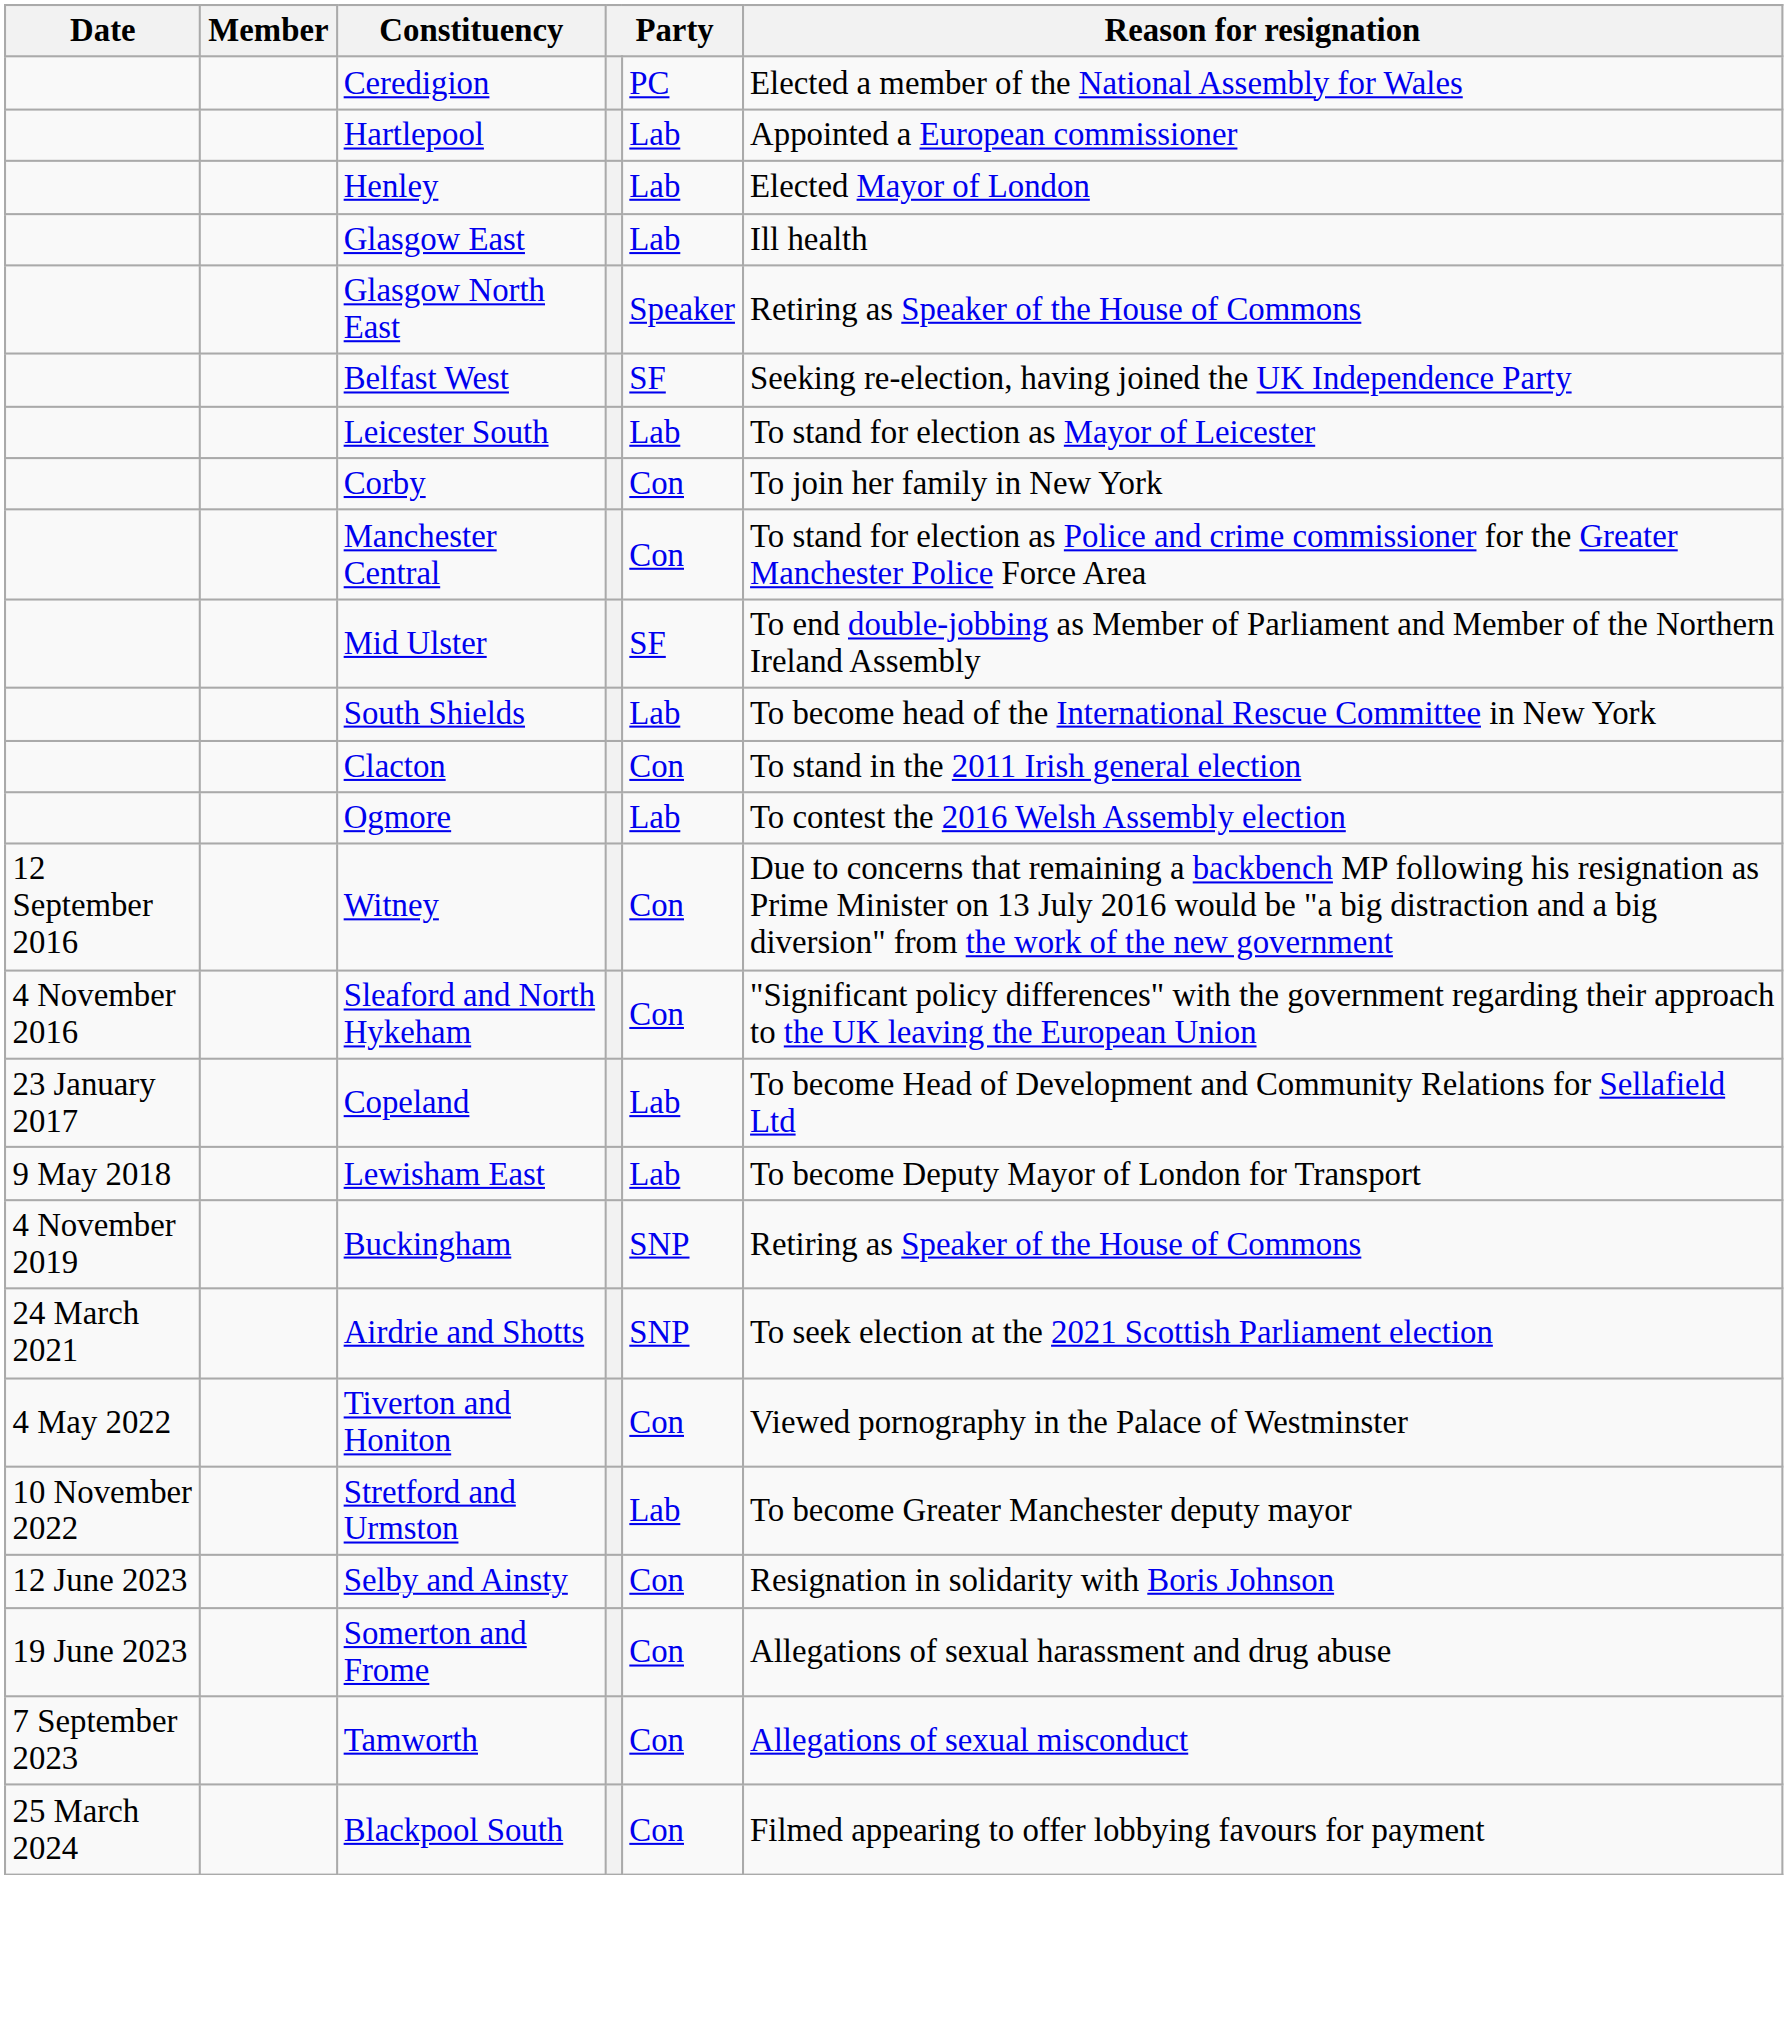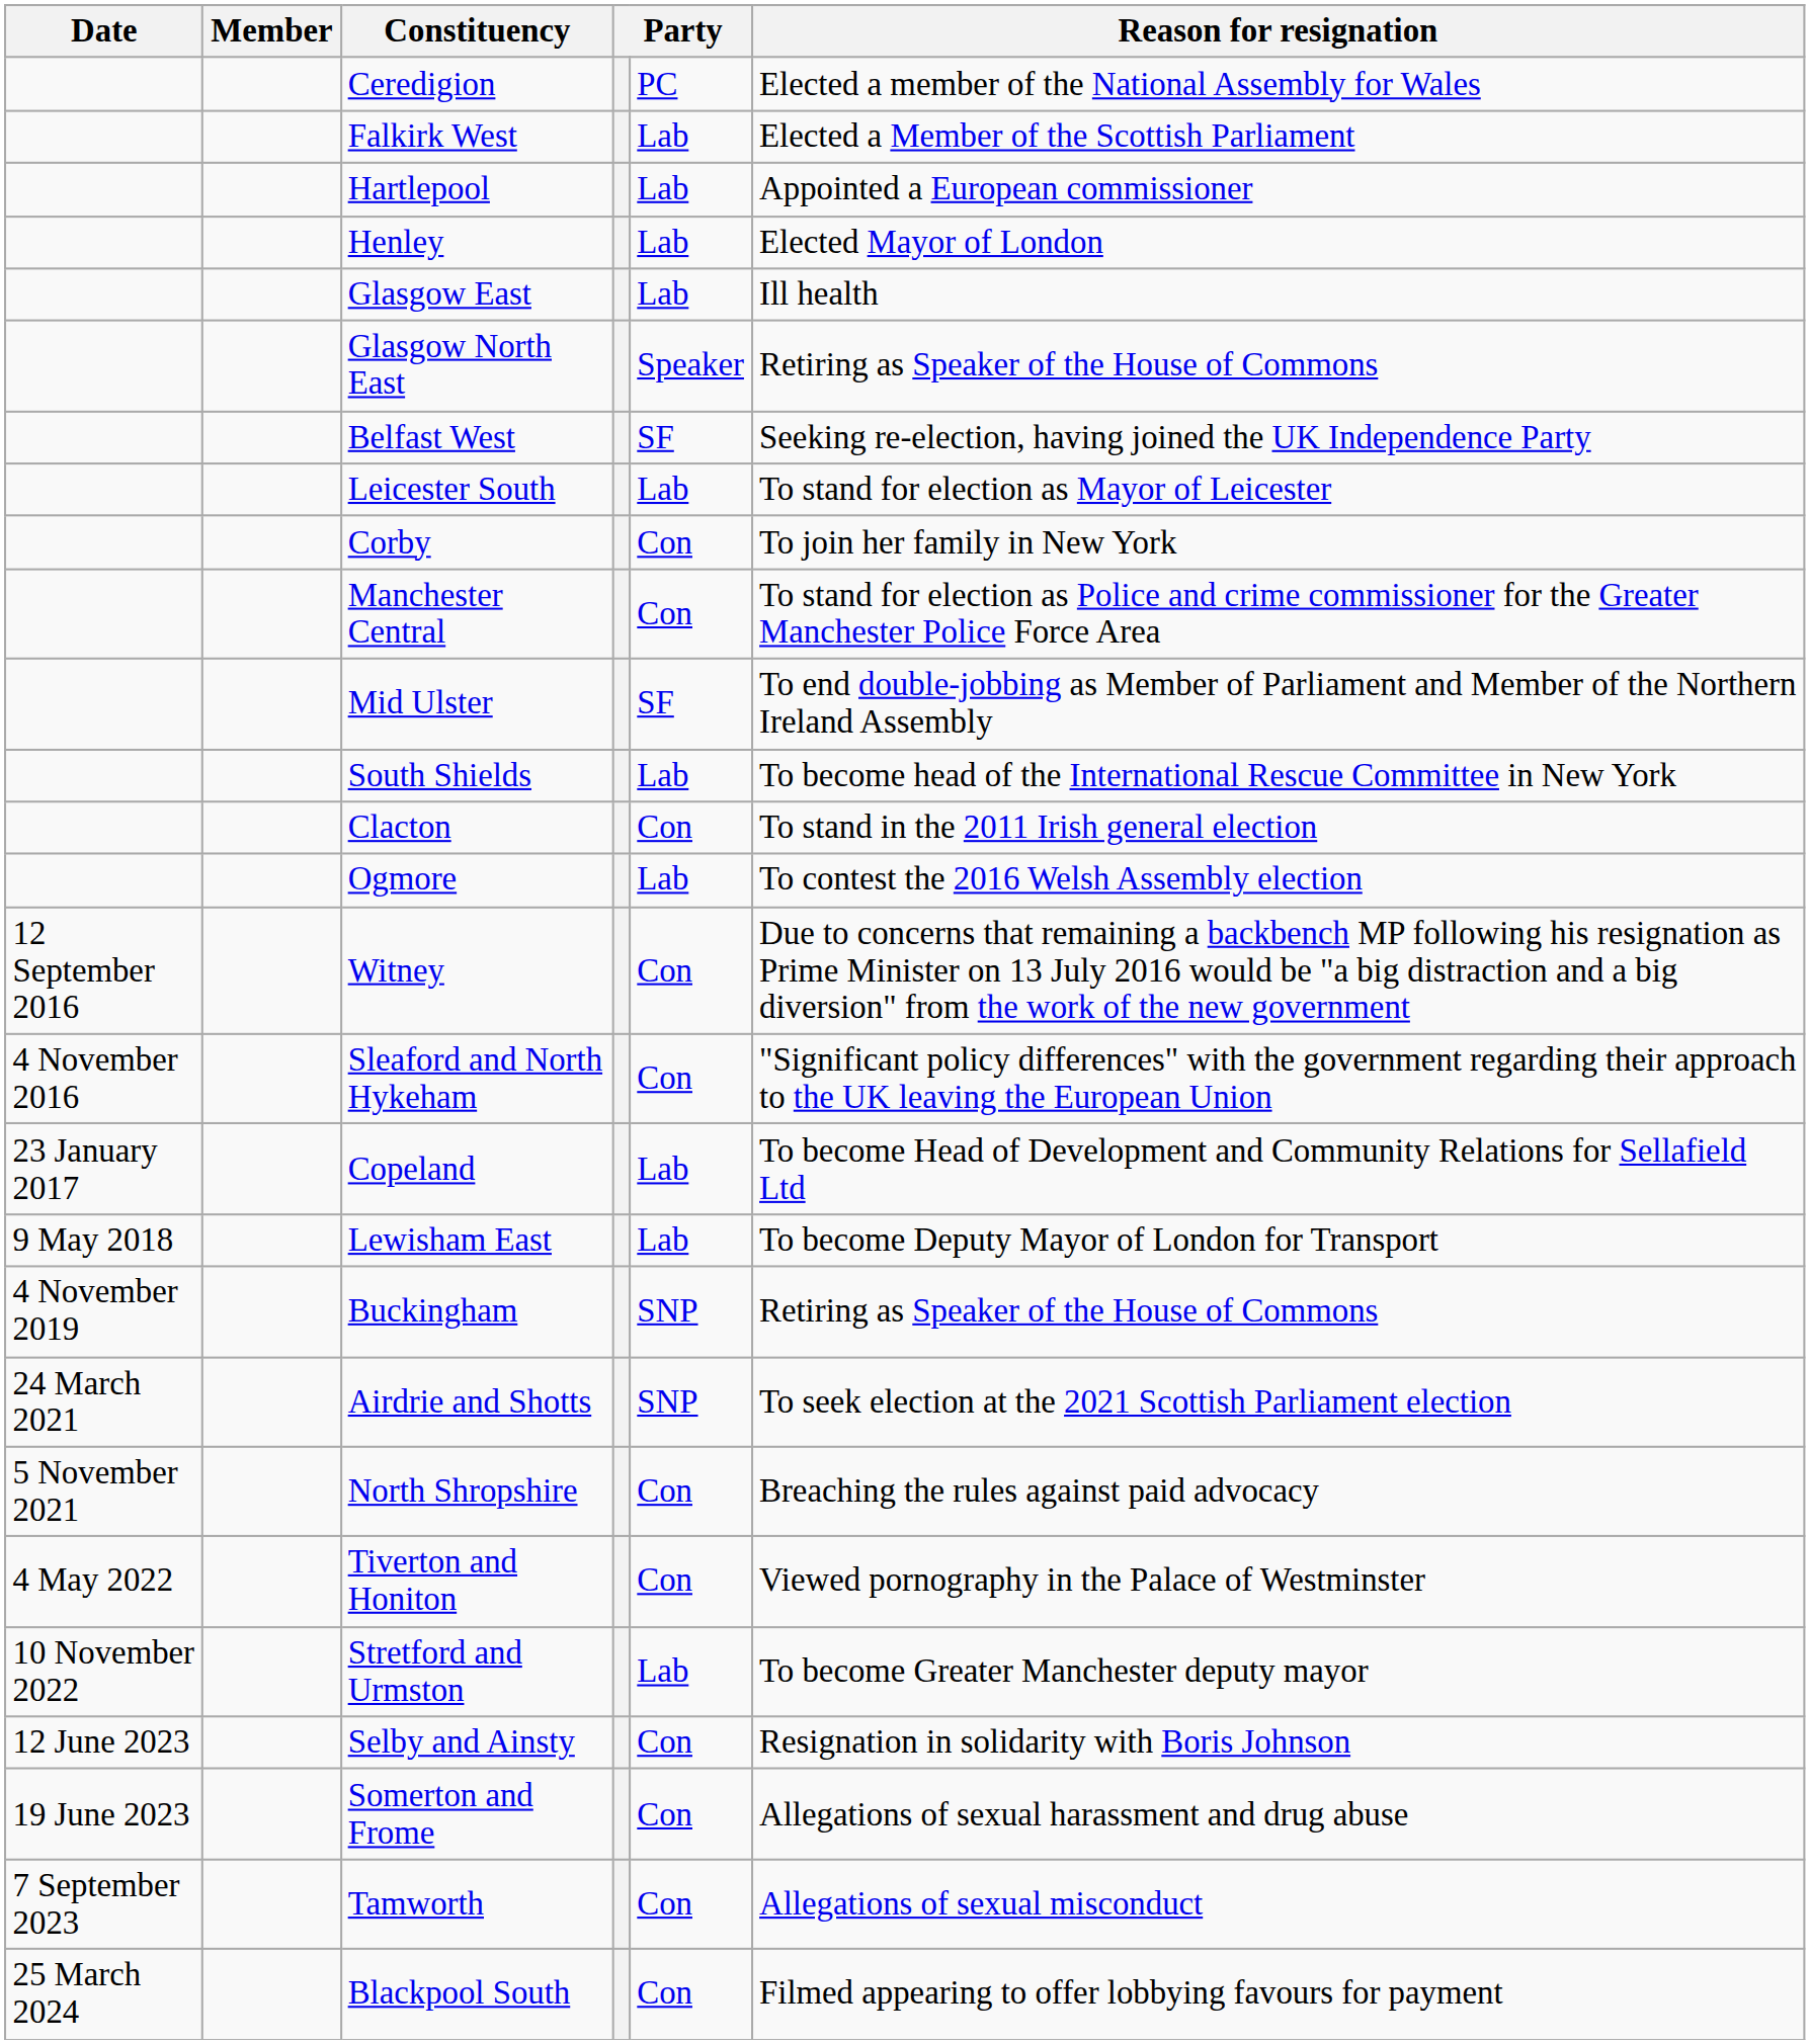 <table class="wikitable sortable">
 <tr>
 <th>Date</th>
 <th>Member</th>
 <th>Constituency</th>
 <th colspan=2>Party</th>
 <th class="unsortable">Reason for resignation</th>
 </tr>
 <tr>
 <td></td>
 <td></td>
 <td><a href='#'>Ceredigion</a></td>
 <th style="background:"></th>
 <td><a href='#'>PC</a></td>
 <td>Elected a member of the <a href='#'>National Assembly for Wales</a></td>
+</tr>
+<tr>
+<td></td>
+<td></td>
+<td><a href='#'>Falkirk West</a></td>
+<th style="background:"></th>
+<td><a href='#'>Lab</a></td>
+<td>Elected a <a href='#'>Member of the Scottish Parliament</a></td>
 </tr>
 <tr>
 <td></td>
 <td></td>
 <td><a href='#'>Hartlepool</a></td>
 <th style="background:"></th>
 <td><a href='#'>Lab</a></td>
 <td>Appointed a <a href='#'>European commissioner</a></td>
 </tr>
 <tr>
 <td></td>
 <td></td>
 <td><a href='#'>Henley</a></td>
 <th style="background:"></th>
 <td><a href='#'>Lab</a></td>
 <td>Elected <a href='#'>Mayor of London</a></td>
 </tr>
 <tr>
 <td></td>
 <td></td>
 <td><a href='#'>Glasgow East</a></td>
 <th style="background:"></th>
 <td><a href='#'>Lab</a></td>
 <td>Ill health</td>
 </tr>
 <tr>
 <td></td>
 <td></td>
 <td><a href='#'>Glasgow North East</a></td>
 <th style="background:"></th>
 <td><a href='#'>Speaker</a></td>
 <td>Retiring as <a href='#'>Speaker of the House of Commons</a></td>
 </tr>
 <tr>
 <td></td>
 <td></td>
 <td><a href='#'>Belfast West</a></td>
 <th style="background:"></th>
 <td><a href='#'>SF</a></td>
 <td>Seeking re-election, having joined the <a href='#'>UK Independence Party</a></td>
 </tr>
 <tr>
 <td></td>
 <td></td>
 <td><a href='#'>Leicester South</a></td>
 <th style="background:"></th>
 <td><a href='#'>Lab</a></td>
 <td>To stand for election as <a href='#'>Mayor of Leicester</a></td>
 </tr>
 <tr>
 <td></td>
 <td></td>
 <td><a href='#'>Corby</a></td>
 <th style="background:"></th>
 <td><a href='#'>Con</a></td>
 <td>To join her family in New York</td>
 </tr>
 <tr>
 <td></td>
 <td></td>
 <td><a href='#'>Manchester Central</a></td>
 <th style="background:"></th>
 <td><a href='#'>Con</a></td>
 <td>To stand for election as <a href='#'>Police and crime commissioner</a> for the <a href='#'>Greater Manchester Police</a> Force Area</td>
 </tr>
 <tr>
 <td></td>
 <td></td>
 <td><a href='#'>Mid Ulster</a></td>
 <th style="background:"></th>
 <td><a href='#'>SF</a></td>
 <td>To end <a href='#'>double-jobbing</a> as Member of Parliament and Member of the Northern Ireland Assembly</td>
 </tr>
 <tr>
 <td></td>
 <td></td>
 <td><a href='#'>South Shields</a></td>
 <th style="background:"></th>
 <td><a href='#'>Lab</a></td>
 <td>To become head of the <a href='#'>International Rescue Committee</a> in New York</td>
 </tr>
 <tr>
 <td></td>
 <td></td>
 <td><a href='#'>Clacton</a></td>
 <th style="background:"></th>
 <td><a href='#'>Con</a></td>
 <td>To stand in the <a href='#'>2011 Irish general election</a></td>
 </tr>
 <tr>
 <td></td>
 <td></td>
 <td><a href='#'>Ogmore</a></td>
 <th style="background:"></th>
 <td><a href='#'>Lab</a></td>
 <td>To contest the <a href='#'>2016 Welsh Assembly election</a></td>
 </tr>
 <tr>
 <td>12 September 2016</td>
 <td></td>
 <td><a href='#'>Witney</a></td>
 <th style="background:"></th>
 <td><a href='#'>Con</a></td>
 <td>Due to concerns that remaining a <a href='#'>backbench</a> MP following his resignation as Prime Minister on 13 July 2016 would be "a big distraction and a big diversion" from <a href='#'>the work of the new government</a></td>
 </tr>
 <tr>
 <td>4 November 2016</td>
 <td></td>
 <td><a href='#'>Sleaford and North Hykeham</a></td>
 <th style="background:"></th>
 <td><a href='#'>Con</a></td>
 <td>"Significant policy differences" with the government regarding their approach to <a href='#'>the UK leaving the European Union</a></td>
 </tr>
 <tr>
 <td>23 January 2017</td>
 <td></td>
 <td><a href='#'>Copeland</a></td>
 <th style="background:"></th>
 <td><a href='#'>Lab</a></td>
 <td>To become Head of Development and Community Relations for <a href='#'>Sellafield Ltd</a></td>
 </tr>
 <tr>
 <td>9 May 2018</td>
 <td></td>
 <td><a href='#'>Lewisham East</a></td>
 <th style="background:"></th>
 <td><a href='#'>Lab</a></td>
 <td>To become Deputy Mayor of London for Transport</td>
 </tr>
 <tr>
 <td>4 November 2019</td>
 <td></td>
 <td><a href='#'>Buckingham</a></td>
 <th style="background:"></th>
 <td><a href='#'>SNP</a></td>
 <td>Retiring as <a href='#'>Speaker of the House of Commons</a></td>
 </tr>
 <tr>
 <td>24 March 2021</td>
 <td></td>
 <td><a href='#'>Airdrie and Shotts</a></td>
 <th style="background:"></th>
 <td><a href='#'>SNP</a></td>
 <td>To seek election at the <a href='#'>2021 Scottish Parliament election</a></td>
 </tr>
 <tr>
+<td>5 November 2021</td>
+<td></td>
+<td><a href='#'>North Shropshire</a></td>
+<th style="background:"></th>
+<td><a href='#'>Con</a></td>
+<td>Breaching the rules against paid advocacy</td>
+</tr>
+<tr>
 <td>4 May 2022</td>
 <td></td>
 <td><a href='#'>Tiverton and Honiton</a></td>
 <th style="background:"></th>
 <td><a href='#'>Con</a></td>
 <td>Viewed pornography in the Palace of Westminster</td>
 </tr>
 <tr>
 <td>10 November 2022</td>
 <td></td>
 <td><a href='#'>Stretford and Urmston</a></td>
 <th style="background:"></th>
 <td><a href='#'>Lab</a></td>
 <td>To become Greater Manchester deputy mayor</td>
 </tr>
 <tr>
 <td>12 June 2023</td>
 <td></td>
 <td><a href='#'>Selby and Ainsty</a></td>
 <th style="background:"></th>
 <td><a href='#'>Con</a></td>
 <td>Resignation in solidarity with <a href='#'>Boris Johnson</a></td>
 </tr>
 <tr>
 <td>19 June 2023</td>
 <td></td>
 <td><a href='#'>Somerton and Frome</a></td>
 <th style="background:"></th>
 <td><a href='#'>Con</a></td>
 <td>Allegations of sexual harassment and drug abuse</td>
 </tr>
 <tr>
 <td>7 September 2023</td>
 <td></td>
 <td><a href='#'>Tamworth</a></td>
 <th style="background:"></th>
 <td><a href='#'>Con</a></td>
 <td><a href='#'>Allegations of sexual misconduct</a></td>
 </tr>
 <tr>
 <td>25 March 2024</td>
 <td></td>
 <td><a href='#'>Blackpool South</a></td>
 <th style="background:"></th>
 <td><a href='#'>Con</a></td>
 <td>Filmed appearing to offer lobbying favours for payment</td>
 </tr>
 </table>
